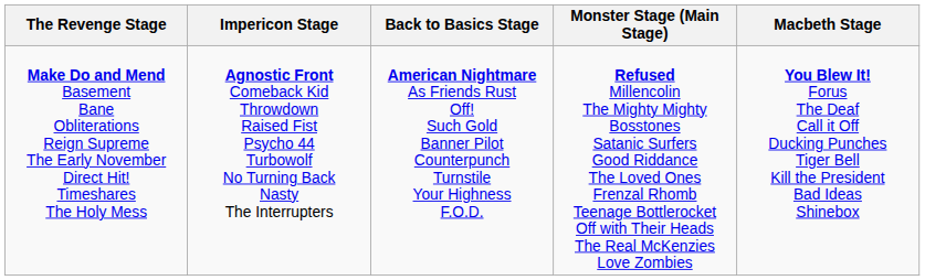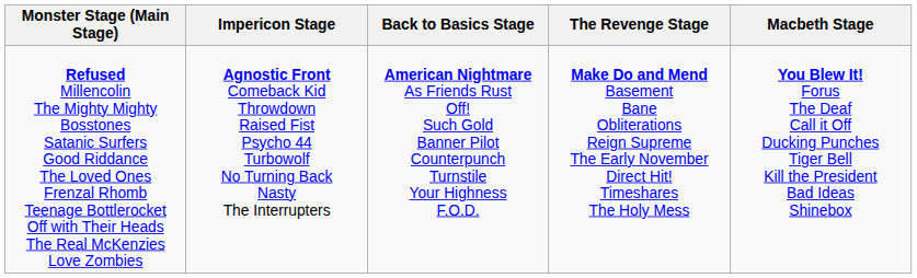 <table class="wikitable">
 <tr>
-<th>The Revenge Stage</th>
+<th>Monster Stage (Main Stage)</th>
 <th>Impericon Stage</th>
 <th>Back to Basics Stage</th>
-<th>Monster Stage (Main Stage)</th>
+<th>The Revenge Stage</th>
 <th>Macbeth Stage</th>
 </tr>
 <tr>
-<td style="text-align:center; vertical-align:top; width:185px;"><br><strong><a href='#'>Make Do and Mend</a></strong> <br><a href='#'>Basement</a> <br><a href='#'>Bane</a> <br><a href='#'>Obliterations</a> <br><a href='#'>Reign Supreme</a> <br><a href='#'>The Early November</a> <br><a href='#'>Direct Hit!</a> <br><a href='#'>Timeshares</a> <br><a href='#'>The Holy Mess</a></td>
+<td style="text-align:center; vertical-align:top; width:185px;"><br><strong><a href='#'>Refused</a></strong> <br><a href='#'>Millencolin</a> <br><a href='#'>The Mighty Mighty Bosstones</a> <br><a href='#'>Satanic Surfers</a> <br><a href='#'>Good Riddance</a> <br><a href='#'>The Loved Ones</a> <br><a href='#'>Frenzal Rhomb</a> <br><a href='#'>Teenage Bottlerocket</a> <br><a href='#'>Off with Their Heads</a> <br><a href='#'>The Real McKenzies</a> <br><a href='#'>Love Zombies</a></td>
 <td style="text-align:center; vertical-align:top; width:185px;"><br><strong><a href='#'>Agnostic Front</a></strong> <br><a href='#'>Comeback Kid</a> <br><a href='#'>Throwdown</a> <br><a href='#'>Raised Fist</a> <br><a href='#'>Psycho 44</a> <br><a href='#'>Turbowolf</a> <br><a href='#'>No Turning Back</a> <br><a href='#'>Nasty</a> <br>The Interrupters</td>
 <td style="text-align:center; vertical-align:top; width:185px;"><br><strong><a href='#'>American Nightmare</a></strong> <br><a href='#'>As Friends Rust</a> <br><a href='#'>Off!</a> <br><a href='#'>Such Gold</a> <br><a href='#'>Banner Pilot</a> <br><a href='#'>Counterpunch</a> <br><a href='#'>Turnstile</a> <br><a href='#'>Your Highness</a> <br><a href='#'>F.O.D.</a></td>
-<td style="text-align:center; vertical-align:top; width:185px;"><br><strong><a href='#'>Refused</a></strong> <br><a href='#'>Millencolin</a> <br><a href='#'>The Mighty Mighty Bosstones</a> <br><a href='#'>Satanic Surfers</a> <br><a href='#'>Good Riddance</a> <br><a href='#'>The Loved Ones</a> <br><a href='#'>Frenzal Rhomb</a> <br><a href='#'>Teenage Bottlerocket</a> <br><a href='#'>Off with Their Heads</a> <br><a href='#'>The Real McKenzies</a> <br><a href='#'>Love Zombies</a></td>
+<td style="text-align:center; vertical-align:top; width:185px;"><br><strong><a href='#'>Make Do and Mend</a></strong> <br><a href='#'>Basement</a> <br><a href='#'>Bane</a> <br><a href='#'>Obliterations</a> <br><a href='#'>Reign Supreme</a> <br><a href='#'>The Early November</a> <br><a href='#'>Direct Hit!</a> <br><a href='#'>Timeshares</a> <br><a href='#'>The Holy Mess</a></td>
 <td style="text-align:center; vertical-align:top; width:185px;"><br><strong><a href='#'>You Blew It!</a></strong> <br><a href='#'>Forus</a> <br><a href='#'>The Deaf</a> <br><a href='#'>Call it Off</a> <br><a href='#'>Ducking Punches</a> <br><a href='#'>Tiger Bell</a> <br><a href='#'>Kill the President</a> <br><a href='#'>Bad Ideas</a> <br><a href='#'>Shinebox</a></td>
 </tr>
 </table>
